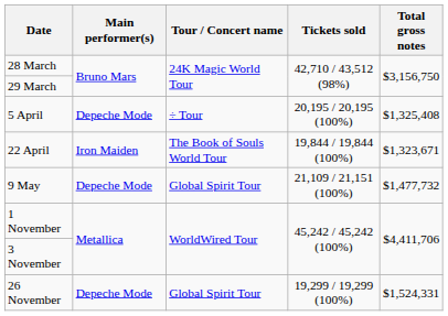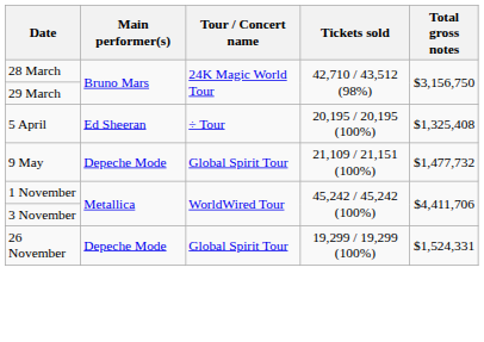 <table class="wikitable"  style="text-align:left; font-size:95%; width:85%;">
 <tr>
 <th style="text-align:center;">Date</th>
 <th style="text-align:center;">Main performer(s)</th>
 <th style="text-align:center;">Tour / Concert name</th>
 <th style="text-align:center;">Tickets sold</th>
 <th style="text-align:center;">Total gross<br>notes</th>
 </tr>
 <tr>
 <td>28 March</td>
 <td rowspan="2"><a href='#'>Bruno Mars</a></td>
 <td rowspan="2"><a href='#'>24K Magic World Tour</a></td>
 <td rowspan="2" style="text-align:center;">42,710 / 43,512 (98%)</td>
 <td rowspan="2" style="text-align:center;">$3,156,750</td>
 </tr>
 <tr>
 <td>29 March</td>
 </tr>
 <tr>
 <td>5 April</td>
-<td><a href='#'>Depeche Mode</a></td>
+<td><a href='#'>Ed Sheeran</a></td>
 <td><a href='#'>÷ Tour</a></td>
 <td style="text-align:center;">20,195 / 20,195 (100%)</td>
 <td style="text-align:center;">$1,325,408</td>
-</tr>
-<tr>
-<td>22 April</td>
-<td><a href='#'>Iron Maiden</a></td>
-<td><a href='#'>The Book of Souls World Tour</a></td>
-<td style="text-align:center;">19,844 / 19,844 (100%)</td>
-<td style="text-align:center;">$1,323,671</td>
 </tr>
 <tr>
 <td>9 May</td>
 <td><a href='#'>Depeche Mode</a></td>
 <td><a href='#'>Global Spirit Tour</a></td>
 <td style="text-align:center;">21,109 / 21,151 (100%)</td>
 <td style="text-align:center;">$1,477,732</td>
 </tr>
 <tr>
 <td>1 November</td>
 <td rowspan="2"><a href='#'>Metallica</a></td>
 <td rowspan="2"><a href='#'>WorldWired Tour</a></td>
 <td rowspan="2" style="text-align:center;">45,242 / 45,242 (100%)</td>
 <td rowspan="2" style="text-align:center;">$4,411,706</td>
 </tr>
 <tr>
 <td>3 November</td>
 </tr>
 <tr>
 <td>26 November</td>
 <td><a href='#'>Depeche Mode</a></td>
 <td><a href='#'>Global Spirit Tour</a></td>
 <td style="text-align:center;">19,299 / 19,299 (100%)</td>
 <td style="text-align:center;">$1,524,331</td>
 </tr>
 </table>
